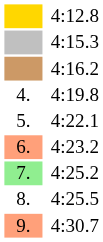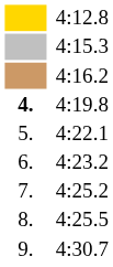 <table style="text-align:center">
 <tr>
 <td width=30 bgcolor=gold></td>
 <td align=left></td>
 <td>4:12.8</td>
 </tr>
 <tr>
 <td bgcolor=silver></td>
 <td align=left></td>
 <td>4:15.3</td>
 </tr>
 <tr>
 <td bgcolor=cc9966></td>
 <td align=left></td>
 <td>4:16.2</td>
 </tr>
 <tr>
-<td>4.</td>
+<td><strong>4.</strong></td>
 <td align=left></td>
 <td>4:19.8</td>
 </tr>
 <tr>
 <td>5.</td>
 <td align=left></td>
 <td>4:22.1</td>
 </tr>
 <tr>
-<td style="background: lightsalmon;">6.</td>
+<td>6.</td>
 <td align=left></td>
 <td>4:23.2</td>
 </tr>
 <tr>
-<td style="background: lightgreen;">7.</td>
+<td>7.</td>
 <td align=left></td>
 <td>4:25.2</td>
 </tr>
 <tr>
 <td>8.</td>
 <td align=left></td>
 <td>4:25.5</td>
 </tr>
 <tr>
-<td style="background: lightsalmon;">9.</td>
+<td>9.</td>
 <td align=left></td>
 <td>4:30.7</td>
 </tr>
 </table>
